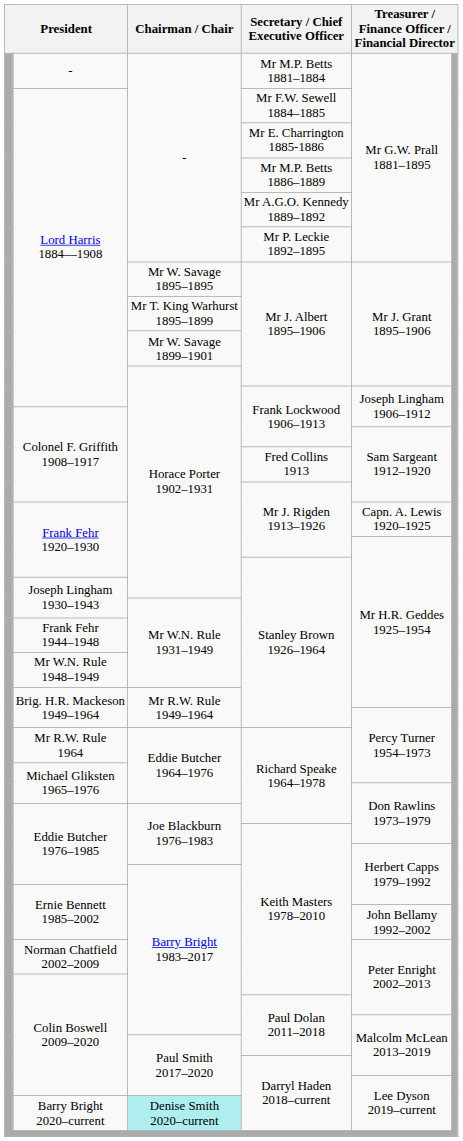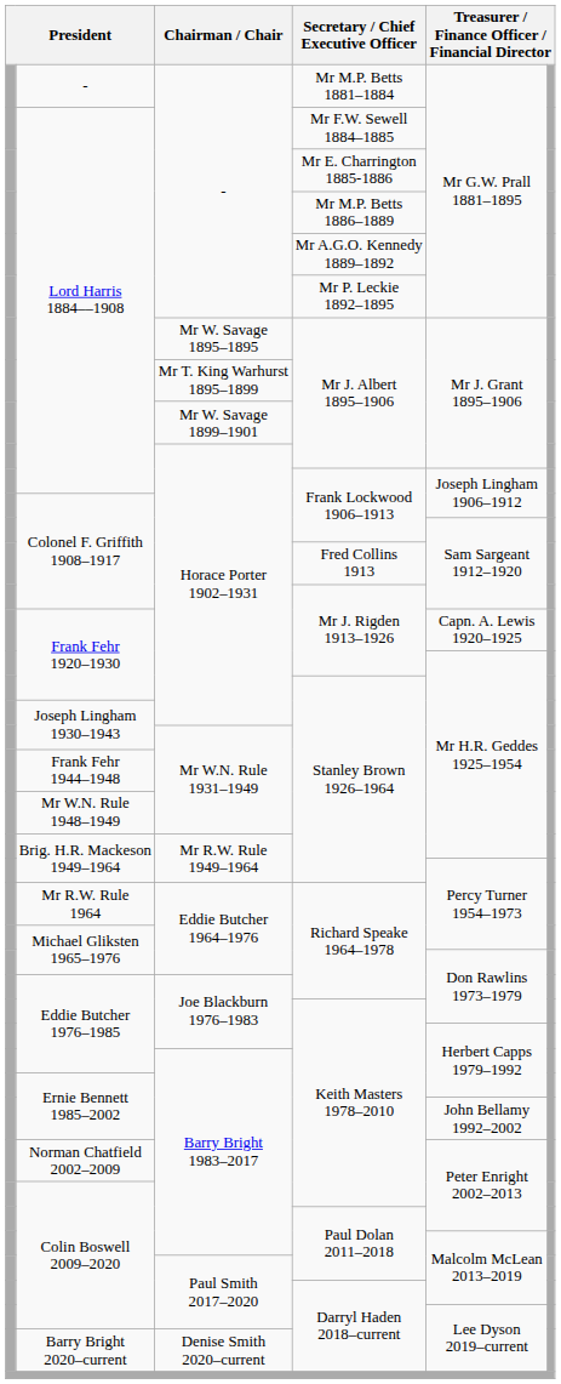 <table border="1" class=wikitable style="text-align:center">
 <tr>
 <th colspan=2>President</th>
 <th> Chairman / Chair </th>
 <th>Secretary / Chief<br>Executive Officer</th>
 <th colspan=2>Treasurer / <br>Finance Officer /<br>Financial Director</th>
 </tr>
 <tr>
 <td bgcolor="#ababab"> </td>
 <td>-</td>
 <td rowspan=6>-</td>
 <td>Mr M.P. Betts<br>1881–1884</td>
 <td rowspan=6>Mr G.W. Prall<br>1881–1895</td>
 <td bgcolor="#ababab"></td>
 </tr>
 <tr>
 <td bgcolor="#ababab"> </td>
 <td rowspan=10><a href='#'>Lord Harris</a><br>1884––1908</td>
 <td>Mr F.W. Sewell<br>1884–1885</td>
 <td bgcolor="#ababab"></td>
 </tr>
 <tr>
 <td bgcolor="#ababab"> </td>
 <td>Mr E. Charrington<br>1885-1886</td>
 <td bgcolor="#ababab"></td>
 </tr>
 <tr>
 <td bgcolor="#ababab"> </td>
 <td>Mr M.P. Betts<br>1886–1889</td>
 <td bgcolor="#ababab"></td>
 </tr>
 <tr>
 <td bgcolor="#ababab"> </td>
 <td>Mr A.G.O. Kennedy<br>1889–1892</td>
 <td bgcolor="#ababab"></td>
 </tr>
 <tr>
 <td bgcolor="#ababab"> </td>
 <td>Mr P. Leckie<br>1892–1895</td>
 <td bgcolor="#ababab"></td>
 </tr>
 <tr>
 <td bgcolor="#ababab"> </td>
 <td>Mr W. Savage<br>1895–1895</td>
 <td rowspan=4>Mr J. Albert<br>1895–1906</td>
 <td rowspan=4>Mr J. Grant<br>1895–1906</td>
 <td bgcolor="#ababab"></td>
 </tr>
 <tr>
 <td bgcolor="#ababab"> </td>
 <td>Mr T. King Warhurst<br>1895–1899</td>
 <td bgcolor="#ababab"></td>
 </tr>
 <tr>
 <td bgcolor="#ababab"> </td>
 <td>Mr W. Savage<br>1899–1901</td>
 <td bgcolor="#ababab"></td>
 </tr>
 <tr>
 <td bgcolor="#ababab"> </td>
 <td rowspan=10>Horace Porter<br>1902–1931</td>
 <td bgcolor="#ababab"></td>
 </tr>
 <tr>
 <td bgcolor="#ababab"> </td>
 <td rowspan=3>Frank Lockwood<br>1906–1913</td>
 <td rowspan=2>Joseph Lingham<br>1906–1912</td>
 <td bgcolor="#ababab"></td>
 </tr>
 <tr>
 <td bgcolor="#ababab"> </td>
 <td rowspan=4>Colonel F. Griffith<br>1908–1917</td>
 <td bgcolor="#ababab"></td>
 </tr>
 <tr>
 <td bgcolor="#ababab"> </td>
 <td rowspan=3>Sam Sargeant<br>1912–1920</td>
 <td bgcolor="#ababab"></td>
 </tr>
 <tr>
 <td bgcolor="#ababab"> </td>
 <td>Fred Collins<br>1913</td>
 <td bgcolor="#ababab"></td>
 </tr>
 <tr>
 <td bgcolor="#ababab"> </td>
 <td rowspan=3>Mr J. Rigden<br>1913–1926</td>
 <td bgcolor="#ababab"></td>
 </tr>
 <tr>
 <td bgcolor="#ababab"> </td>
 <td rowspan=3><a href='#'>Frank Fehr</a><br>1920–1930</td>
 <td>Capn. A. Lewis<br>1920–1925</td>
 <td bgcolor="#ababab"></td>
 </tr>
 <tr>
 <td bgcolor="#ababab"> </td>
 <td rowspan=7>Mr H.R. Geddes<br>1925–1954</td>
 <td bgcolor="#ababab"></td>
 </tr>
 <tr>
 <td bgcolor="#ababab"> </td>
 <td rowspan=7>Stanley Brown<br>1926–1964</td>
 <td bgcolor="#ababab"></td>
 </tr>
 <tr>
 <td bgcolor="#ababab"> </td>
 <td rowspan=2>Joseph Lingham<br>1930–1943</td>
 <td bgcolor="#ababab"></td>
 </tr>
 <tr>
 <td bgcolor="#ababab"> </td>
 <td rowspan=3>Mr W.N. Rule<br>1931–1949</td>
 <td bgcolor="#ababab"></td>
 </tr>
 <tr>
 <td bgcolor="#ababab"> </td>
 <td>Frank Fehr<br>1944–1948</td>
 <td bgcolor="#ababab"></td>
 </tr>
 <tr>
 <td bgcolor="#ababab"> </td>
 <td>Mr W.N. Rule<br>1948–1949</td>
 <td bgcolor="#ababab"></td>
 </tr>
 <tr>
 <td bgcolor="#ababab"> </td>
 <td rowspan=2>Brig. H.R. Mackeson<br>1949–1964</td>
 <td rowspan=2>Mr R.W. Rule<br>1949–1964</td>
 <td bgcolor="#ababab"></td>
 </tr>
 <tr>
 <td bgcolor="#ababab"> </td>
 <td rowspan=3>Percy Turner<br>1954–1973</td>
 <td bgcolor="#ababab"></td>
 </tr>
 <tr>
 <td bgcolor="#ababab"> </td>
 <td>Mr R.W. Rule<br>1964</td>
 <td rowspan=3>Eddie Butcher<br>1964–1976</td>
 <td rowspan=4>Richard Speake<br>1964–1978</td>
 <td bgcolor="#ababab"></td>
 </tr>
 <tr>
 <td bgcolor="#ababab"> </td>
 <td rowspan=2>Michael Gliksten<br>1965–1976</td>
 <td bgcolor="#ababab"></td>
 </tr>
 <tr>
 <td bgcolor="#ababab"> </td>
 <td rowspan=3>Don Rawlins<br>1973–1979</td>
 <td bgcolor="#ababab"></td>
 </tr>
 <tr>
 <td bgcolor="#ababab"> </td>
 <td rowspan=4>Eddie Butcher<br>1976–1985</td>
 <td rowspan=3>Joe Blackburn<br>1976–1983</td>
 <td bgcolor="#ababab"></td>
 </tr>
 <tr>
 <td bgcolor="#ababab"> </td>
 <td rowspan=7>Keith Masters<br>1978–2010</td>
 <td bgcolor="#ababab"></td>
 </tr>
 <tr>
 <td bgcolor="#ababab"> </td>
 <td rowspan=3>Herbert Capps<br>1979–1992</td>
 <td bgcolor="#ababab"></td>
 </tr>
 <tr>
 <td bgcolor="#ababab"> </td>
 <td rowspan=7><a href='#'>Barry Bright</a><br>1983–2017</td>
 <td bgcolor="#ababab"></td>
 </tr>
 <tr>
 <td bgcolor="#ababab"> </td>
 <td rowspan=2>Ernie Bennett<br>1985–2002</td>
 <td bgcolor="#ababab"></td>
 </tr>
 <tr>
 <td bgcolor="#ababab"> </td>
 <td>John Bellamy<br>1992–2002</td>
 <td bgcolor="#ababab"></td>
 </tr>
 <tr>
 <td bgcolor="#ababab"> </td>
 <td>Norman Chatfield<br>2002–2009</td>
 <td rowspan=3>Peter Enright<br>2002–2013</td>
 <td bgcolor="#ababab"></td>
 </tr>
 <tr>
 <td bgcolor="#ababab"> </td>
 <td rowspan=6>Colin Boswell<br>2009–2020</td>
 <td bgcolor="#ababab"></td>
 </tr>
 <tr>
 <td bgcolor="#ababab"> </td>
 <td rowspan=3>Paul Dolan<br>2011–2018</td>
 <td bgcolor="#ababab"></td>
 </tr>
 <tr>
 <td bgcolor="#ababab"> </td>
 <td rowspan=3>Malcolm McLean<br>2013–2019</td>
 <td bgcolor="#ababab"></td>
 </tr>
 <tr>
 <td bgcolor="#ababab"> </td>
 <td rowspan=3>Paul Smith<br>2017–2020</td>
 <td bgcolor="#ababab"></td>
 </tr>
 <tr>
 <td bgcolor="#ababab"> </td>
 <td rowspan=3>Darryl Haden<br>2018–current</td>
 <td bgcolor="#ababab"></td>
 </tr>
 <tr>
 <td bgcolor="#ababab"> </td>
 <td rowspan=2>Lee Dyson<br>2019–current</td>
 <td bgcolor="#ababab"></td>
 </tr>
 <tr>
 <td bgcolor="#ababab"> </td>
 <td>Barry Bright<br>2020–current</td>
-<td style="background: paleturquoise;">Denise Smith<br>2020–current</td>
+<td>Denise Smith<br>2020–current</td>
 <td bgcolor="#ababab"></td>
 </tr>
 <tr>
 <td colspan=6 bgcolor="#ababab"></td>
 </tr>
 </table>
